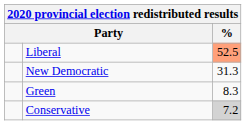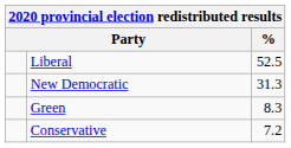 <table class="wikitable">
 <tr>
 <th colspan="4"><a href='#'>2020 provincial election</a> redistributed results</th>
 </tr>
 <tr>
 <th bgcolor="#DDDDFF" width="130px" colspan="2">Party</th>
 <th bgcolor="#DDDDFF" width="30px">%</th>
 </tr>
 <tr>
 <td> </td>
 <td><a href='#'>Liberal</a></td>
-<td align=right style="background: lightsalmon;">52.5</td>
+<td align=right>52.5</td>
 </tr>
 <tr>
 <td> </td>
 <td><a href='#'>New Democratic</a></td>
 <td align=right>31.3</td>
 </tr>
 <tr>
 <td> </td>
 <td><a href='#'>Green</a></td>
 <td align=right>8.3</td>
 </tr>
 <tr>
 <td> </td>
 <td><a href='#'>Conservative</a></td>
-<td align=right style="background: lightgrey;">7.2</td>
+<td align=right>7.2</td>
 </tr>
 </table>
